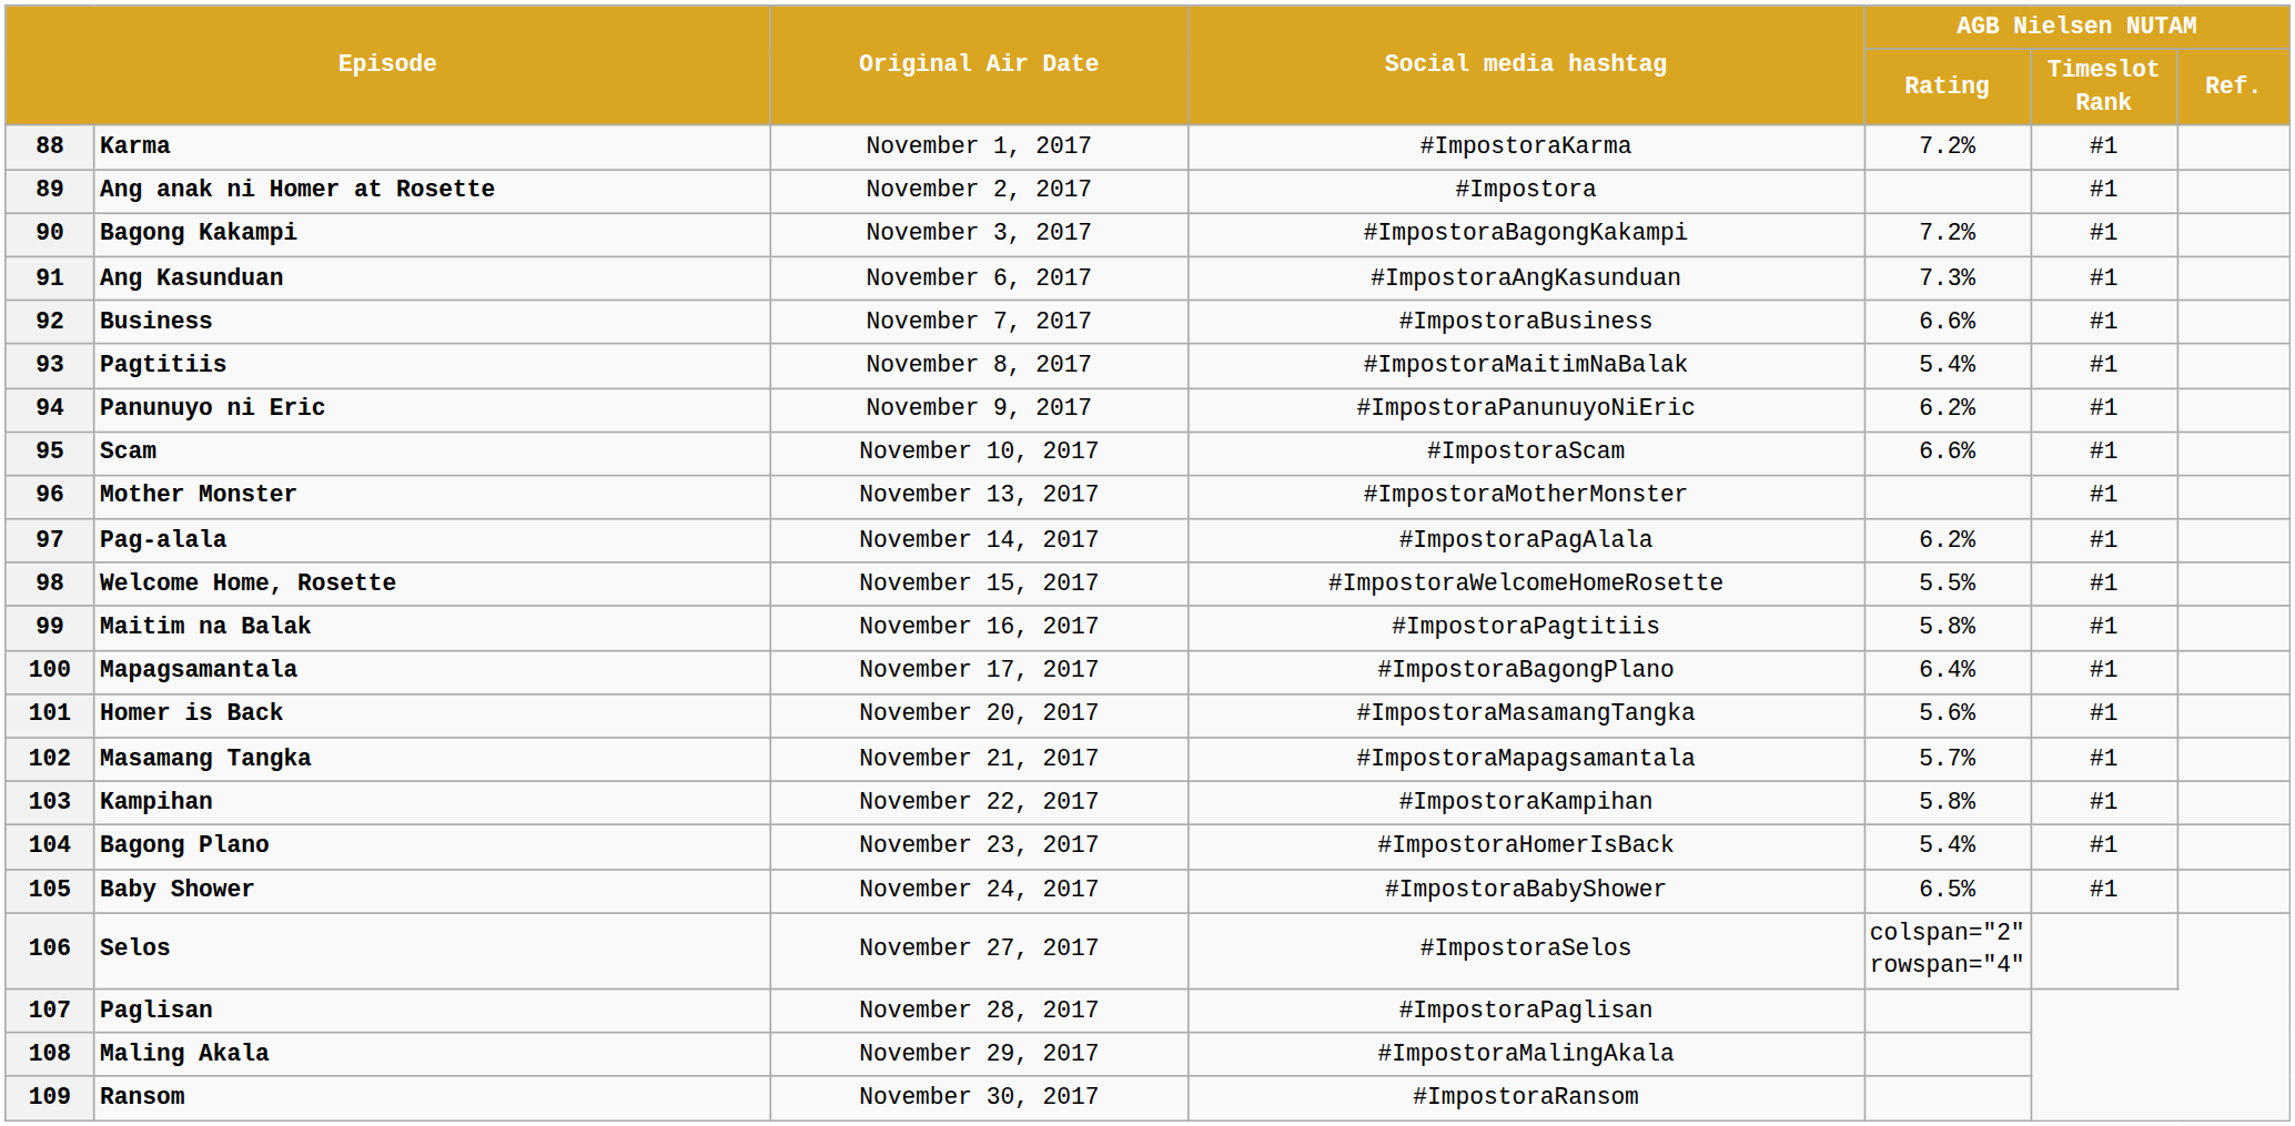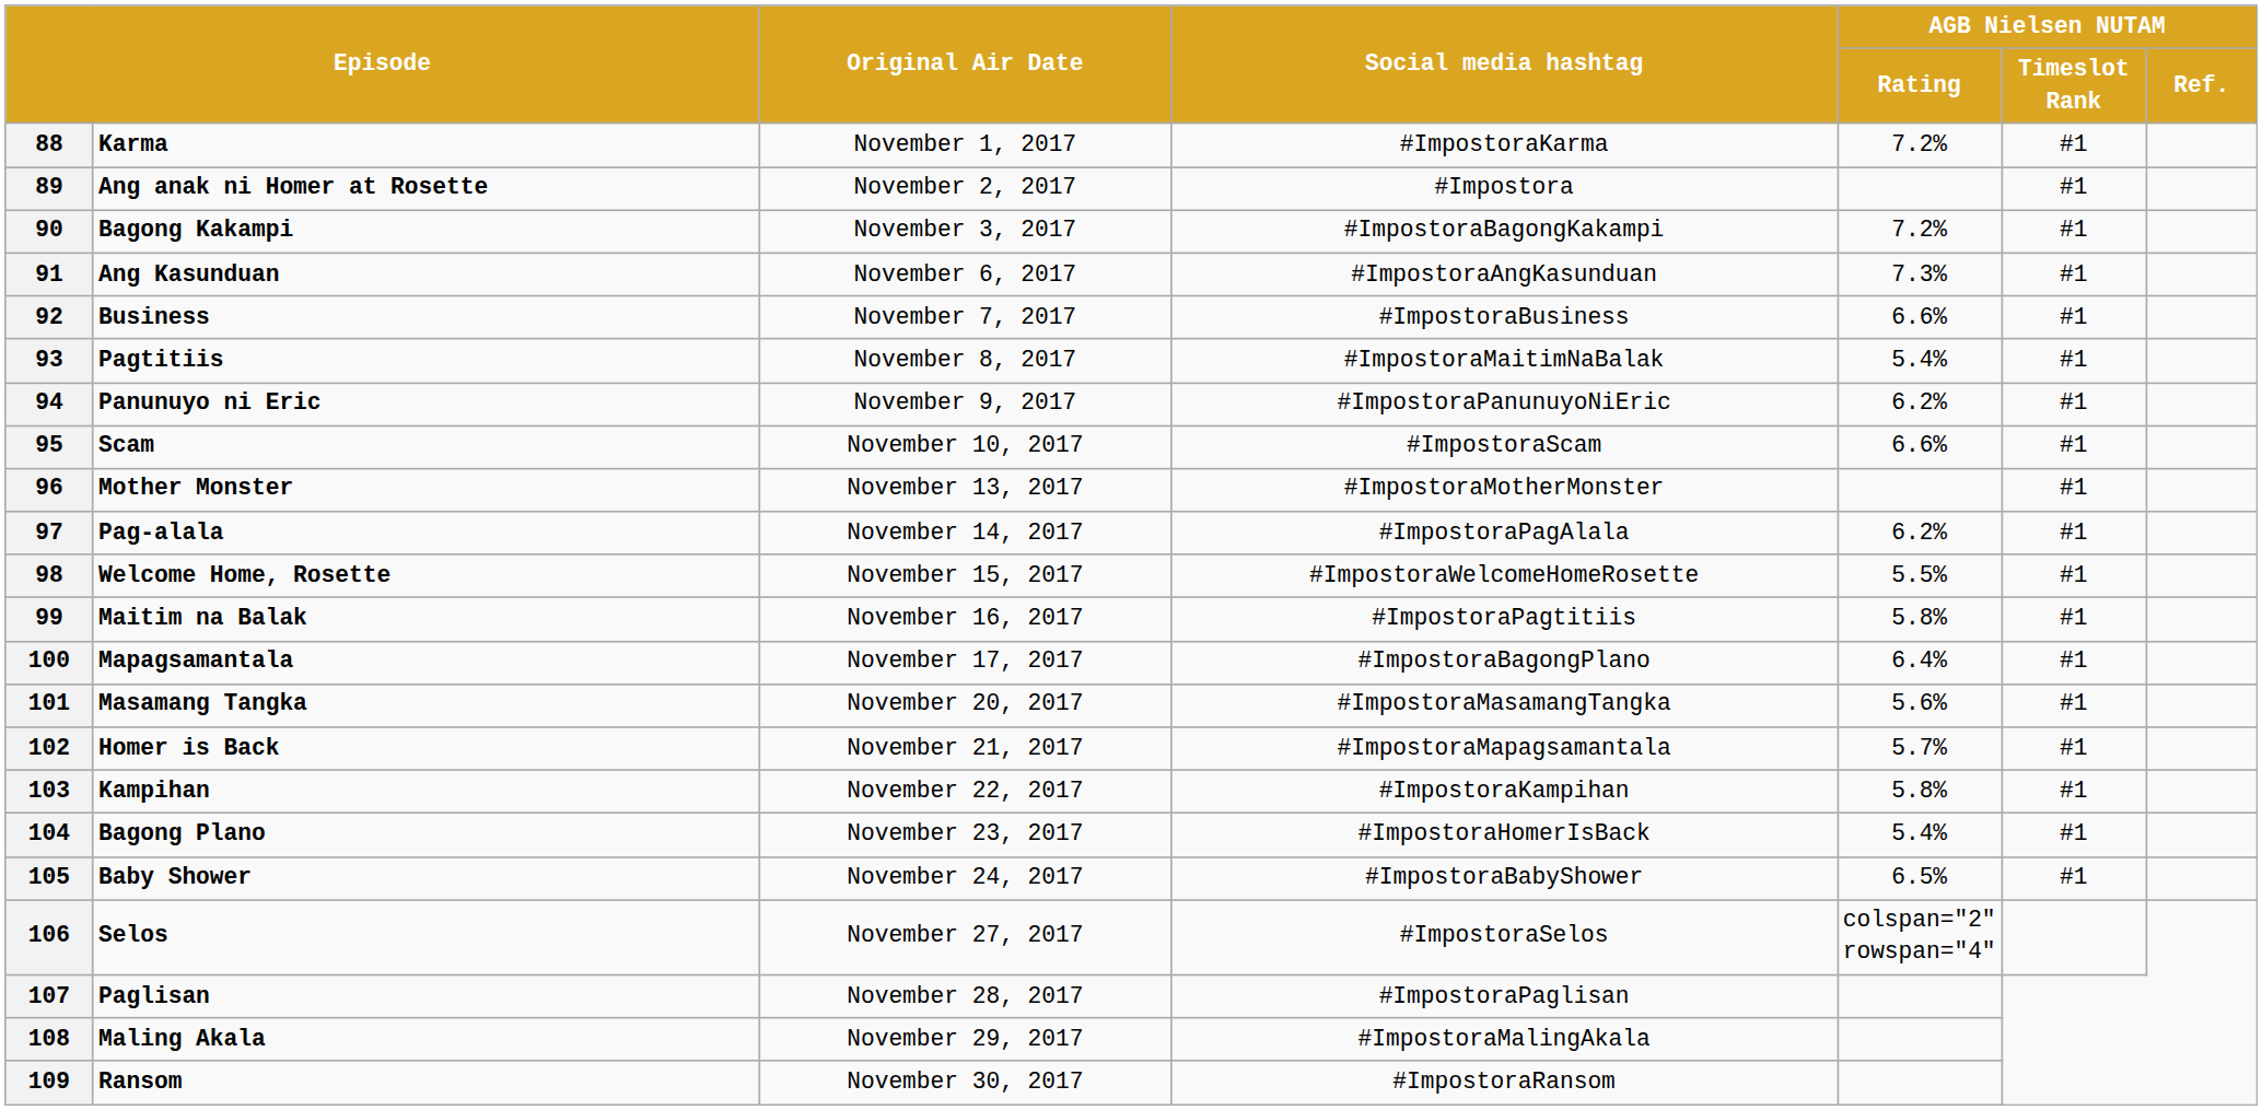 <table class="wikitable" style="text-align:center; font-size:100%; line-height:18px;"  width="100%">
 <tr>
 <th colspan="2" rowspan="2" style="background-color:#DAA520; color:#ffffff;">Episode</th>
 <th style="background:#DAA520; color:white" rowspan="2">Original Air Date</th>
 <th style="background:#DAA520; color:white" rowspan="2">Social media hashtag</th>
 <th style="background-color:#DAA520; color:#ffffff;" colspan="3">AGB Nielsen NUTAM</th>
 </tr>
 <tr>
 <th style="background-color:#DAA520; width:75px; color:#ffffff;">Rating</th>
 <th style="background-color:#DAA520; width:75px; color:#ffffff;">Timeslot<br>Rank</th>
 <th style="background-color:#DAA520; color:#ffffff;">Ref.</th>
 </tr>
 <tr>
 <th>88</th>
 <td style="text-align: left;"><strong>Karma</strong></td>
 <td>November 1, 2017</td>
 <td>#ImpostoraKarma</td>
 <td>7.2%</td>
 <td>#1</td>
 <td></td>
 </tr>
 <tr>
 <th>89</th>
 <td style="text-align: left;"><strong>Ang anak ni Homer at Rosette</strong></td>
 <td>November 2, 2017</td>
 <td>#Impostora</td>
 <td></td>
 <td>#1</td>
 <td></td>
 </tr>
 <tr>
 <th>90</th>
 <td style="text-align: left;"><strong>Bagong Kakampi</strong></td>
 <td>November 3, 2017</td>
 <td>#ImpostoraBagongKakampi</td>
 <td>7.2%</td>
 <td>#1</td>
 <td></td>
 </tr>
 <tr>
 <th>91</th>
 <td style="text-align: left;"><strong>Ang Kasunduan</strong></td>
 <td>November 6, 2017</td>
 <td>#ImpostoraAngKasunduan</td>
 <td>7.3%</td>
 <td>#1</td>
 <td></td>
 </tr>
 <tr>
 <th>92</th>
 <td style="text-align: left;"><strong>Business</strong></td>
 <td>November 7, 2017</td>
 <td>#ImpostoraBusiness</td>
 <td>6.6%</td>
 <td>#1</td>
 <td></td>
 </tr>
 <tr>
 <th>93</th>
 <td style="text-align: left;"><strong>Pagtitiis</strong></td>
 <td>November 8, 2017</td>
 <td>#ImpostoraMaitimNaBalak</td>
 <td>5.4%</td>
 <td>#1</td>
 <td></td>
 </tr>
 <tr>
 <th>94</th>
 <td style="text-align: left;"><strong>Panunuyo ni Eric</strong></td>
 <td>November 9, 2017</td>
 <td>#ImpostoraPanunuyoNiEric</td>
 <td>6.2%</td>
 <td>#1</td>
 <td></td>
 </tr>
 <tr>
 <th>95</th>
 <td style="text-align: left;"><strong>Scam</strong></td>
 <td>November 10, 2017</td>
 <td>#ImpostoraScam</td>
 <td>6.6%</td>
 <td>#1</td>
 <td></td>
 </tr>
 <tr>
 <th>96</th>
 <td style="text-align: left;"><strong>Mother Monster</strong></td>
 <td>November 13, 2017</td>
 <td>#ImpostoraMotherMonster</td>
 <td></td>
 <td>#1</td>
 <td></td>
 </tr>
 <tr>
 <th>97</th>
 <td style="text-align: left;"><strong>Pag-alala</strong></td>
 <td>November 14, 2017</td>
 <td>#ImpostoraPagAlala</td>
 <td>6.2%</td>
 <td>#1</td>
 <td></td>
 </tr>
 <tr>
 <th>98</th>
 <td style="text-align: left;"><strong>Welcome Home, Rosette</strong></td>
 <td>November 15, 2017</td>
 <td>#ImpostoraWelcomeHomeRosette</td>
 <td>5.5%</td>
 <td>#1</td>
 <td></td>
 </tr>
 <tr>
 <th>99</th>
 <td style="text-align: left;"><strong>Maitim na Balak</strong></td>
 <td>November 16, 2017</td>
 <td>#ImpostoraPagtitiis</td>
 <td>5.8%</td>
 <td>#1</td>
 <td></td>
 </tr>
 <tr>
 <th>100</th>
 <td style="text-align: left;"><strong>Mapagsamantala</strong></td>
 <td>November 17, 2017</td>
 <td>#ImpostoraBagongPlano</td>
 <td>6.4%</td>
 <td>#1</td>
 <td></td>
 </tr>
 <tr>
 <th>101</th>
-<td style="text-align: left;"><strong>Homer is Back</strong></td>
+<td style="text-align: left;"><strong>Masamang Tangka</strong></td>
 <td>November 20, 2017</td>
 <td>#ImpostoraMasamangTangka</td>
 <td>5.6%</td>
 <td>#1</td>
 <td></td>
 </tr>
 <tr>
 <th>102</th>
-<td style="text-align: left;"><strong>Masamang Tangka</strong></td>
+<td style="text-align: left;"><strong>Homer is Back</strong></td>
 <td>November 21, 2017</td>
 <td>#ImpostoraMapagsamantala</td>
 <td>5.7%</td>
 <td>#1</td>
 <td></td>
 </tr>
 <tr>
 <th>103</th>
 <td style="text-align: left;"><strong>Kampihan</strong></td>
 <td>November 22, 2017</td>
 <td>#ImpostoraKampihan</td>
 <td>5.8%</td>
 <td>#1</td>
 <td></td>
 </tr>
 <tr>
 <th>104</th>
 <td style="text-align: left;"><strong>Bagong Plano</strong></td>
 <td>November 23, 2017</td>
 <td>#ImpostoraHomerIsBack</td>
 <td>5.4%</td>
 <td>#1</td>
 <td></td>
 </tr>
 <tr>
 <th>105</th>
 <td style="text-align: left;"><strong>Baby Shower</strong></td>
 <td>November 24, 2017</td>
 <td>#ImpostoraBabyShower</td>
 <td>6.5%</td>
 <td>#1</td>
 <td></td>
 </tr>
 <tr>
 <th>106</th>
 <td style="text-align: left;"><strong>Selos</strong></td>
 <td>November 27, 2017</td>
 <td>#ImpostoraSelos</td>
 <td>colspan="2" rowspan="4" </td>
 <td></td>
 </tr>
 <tr>
 <th>107</th>
 <td style="text-align: left;"><strong>Paglisan</strong></td>
 <td>November 28, 2017</td>
 <td>#ImpostoraPaglisan</td>
 <td></td>
 </tr>
 <tr>
 <th>108</th>
 <td style="text-align: left;"><strong>Maling Akala</strong></td>
 <td>November 29, 2017</td>
 <td>#ImpostoraMalingAkala</td>
 <td></td>
 </tr>
 <tr>
 <th>109</th>
 <td style="text-align: left;"><strong>Ransom</strong></td>
 <td>November 30, 2017</td>
 <td>#ImpostoraRansom</td>
 <td></td>
 </tr>
 <tr>
 </tr>
 </table>
